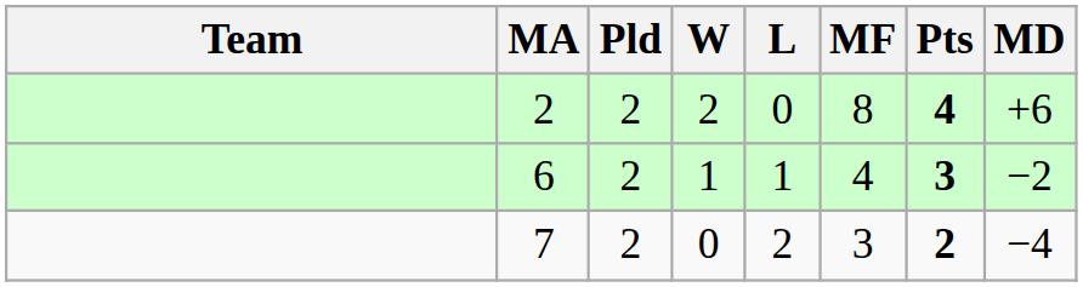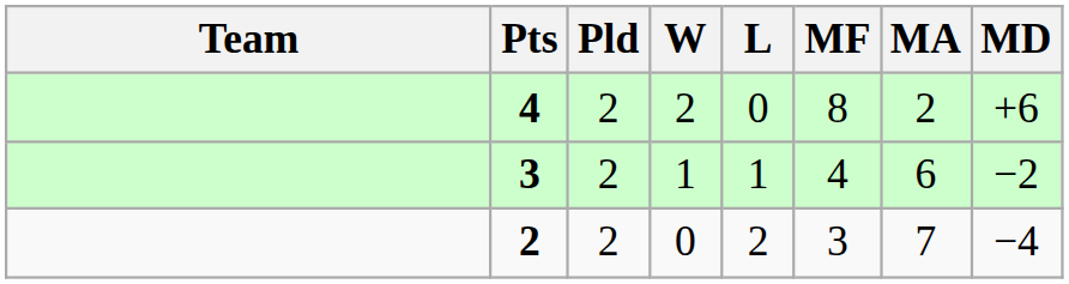 <table class=wikitable style="text-align:center">
 <tr>
 <th width=175>Team</th>
-<th width=20>MA</th>
+<th width=20>Pts</th>
 <th width=20>Pld</th>
 <th width=20>W</th>
 <th width=20>L</th>
 <th width=20>MF</th>
-<th width=20>Pts</th>
+<th width=20>MA</th>
 <th width=20>MD</th>
 </tr>
 <tr bgcolor=#ccffcc>
 <td align=left></td>
-<td>2</td>
+<td><strong>4</strong></td>
 <td>2</td>
 <td>2</td>
 <td>0</td>
 <td>8</td>
-<td><strong>4</strong></td>
+<td>2</td>
 <td>+6</td>
 </tr>
 <tr bgcolor=#ccffcc>
 <td align=left></td>
-<td>6</td>
+<td><strong>3</strong></td>
 <td>2</td>
 <td>1</td>
 <td>1</td>
 <td>4</td>
-<td><strong>3</strong></td>
+<td>6</td>
 <td>−2</td>
 </tr>
 <tr>
 <td align=left></td>
-<td>7</td>
+<td><strong>2</strong></td>
 <td>2</td>
 <td>0</td>
 <td>2</td>
 <td>3</td>
-<td><strong>2</strong></td>
+<td>7</td>
 <td>−4</td>
 </tr>
 </table>
